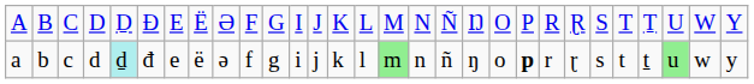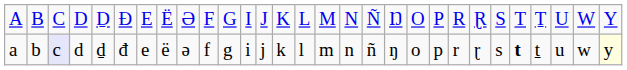 <table class="wikitable">
 <tr>
 <td><a href='#'>A</a></td>
 <td><a href='#'>B</a></td>
 <td><a href='#'>C</a></td>
 <td><a href='#'>D</a></td>
 <td><a href='#'>Ḏ</a></td>
 <td><a href='#'>Đ</a></td>
 <td><a href='#'>E</a></td>
 <td><a href='#'>Ë</a></td>
 <td><a href='#'>Ə</a></td>
 <td><a href='#'>F</a></td>
 <td><a href='#'>G</a></td>
 <td><a href='#'>I</a></td>
 <td><a href='#'>J</a></td>
 <td><a href='#'>K</a></td>
 <td><a href='#'>L</a></td>
 <td><a href='#'>M</a></td>
 <td><a href='#'>N</a></td>
 <td><a href='#'>Ñ</a></td>
 <td><a href='#'>Ŋ</a></td>
 <td><a href='#'>O</a></td>
 <td><a href='#'>P</a></td>
 <td><a href='#'>R</a></td>
 <td><a href='#'>Ɽ</a></td>
 <td><a href='#'>S</a></td>
 <td><a href='#'>T</a></td>
 <td><a href='#'>Ṯ</a></td>
 <td><a href='#'>U</a></td>
 <td><a href='#'>W</a></td>
 <td><a href='#'>Y</a></td>
 </tr>
 <tr>
 <td>a</td>
 <td>b</td>
-<td>c</td>
+<td style="background: lavender;">c</td>
 <td>d</td>
-<td style="background: paleturquoise;">ḏ</td>
+<td>ḏ</td>
 <td>đ</td>
 <td>e</td>
 <td>ë</td>
 <td>ə</td>
 <td>f</td>
 <td>g</td>
 <td>i</td>
 <td>j</td>
 <td>k</td>
 <td>l</td>
-<td style="background: lightgreen;">m</td>
+<td>m</td>
 <td>n</td>
 <td>ñ</td>
 <td>ŋ</td>
 <td>o</td>
-<td><strong>p</strong></td>
+<td>p</td>
 <td>r</td>
 <td>ɽ</td>
 <td>s</td>
-<td>t</td>
+<td><strong>t</strong></td>
 <td>ṯ</td>
-<td style="background: lightgreen;">u</td>
+<td>u</td>
 <td>w</td>
-<td>y</td>
+<td style="background: lightyellow;">y</td>
 </tr>
 </table>
